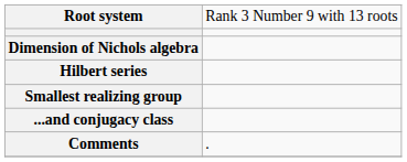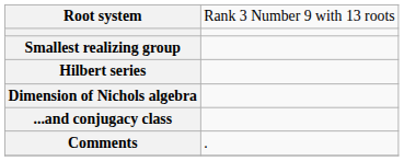 <table class="wikitable">
 <tr>
 <th>Root system</th>
 <td>Rank 3 Number 9 with 13 roots </td>
 </tr>
 <tr>
 <th></th>
 <td></td>
 </tr>
 <tr>
-<th>Dimension of Nichols algebra</th>
+<th>Smallest realizing group</th>
 <td></td>
 </tr>
 <tr>
 <th>Hilbert series</th>
 <td></td>
 </tr>
 <tr>
-<th>Smallest realizing group</th>
+<th>Dimension of Nichols algebra</th>
 <td></td>
 </tr>
 <tr>
 <th>...and conjugacy class</th>
 <td></td>
 </tr>
 <tr>
 <th>Comments</th>
 <td>.</td>
 </tr>
 <tr>
 </tr>
 </table>
